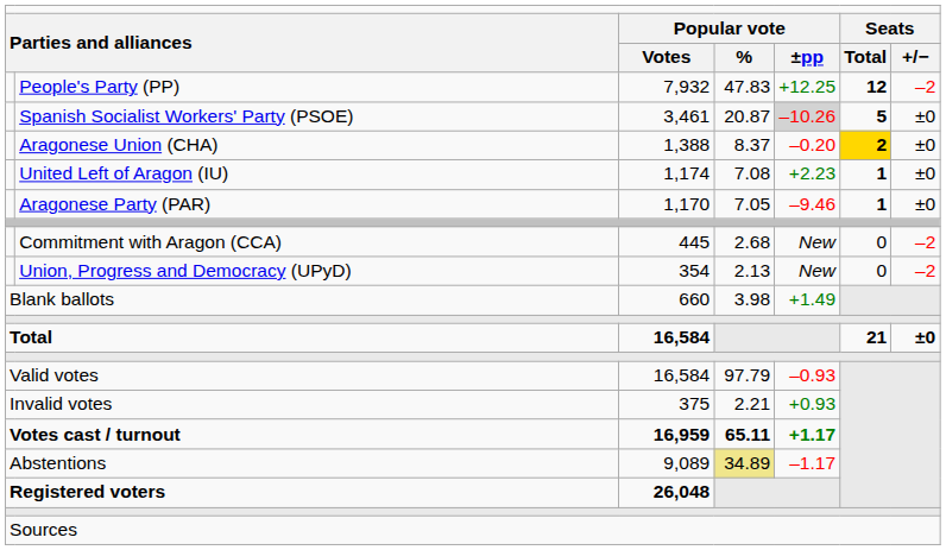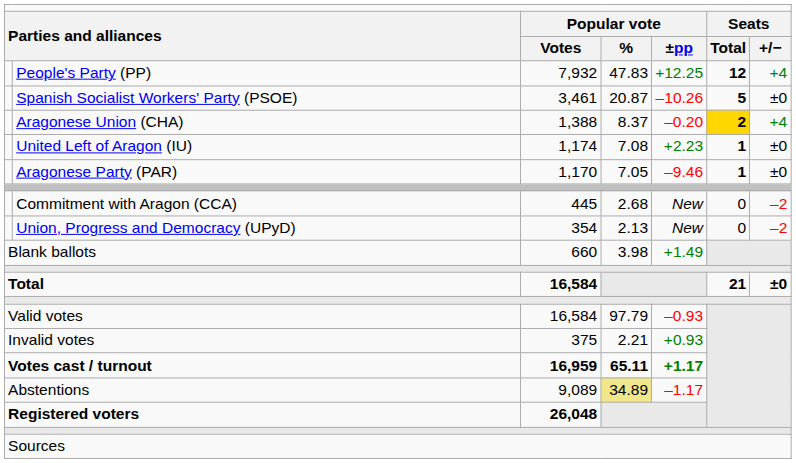 <table class="wikitable" style="text-align:right;">
 <tr>
 <td colspan="7"></td>
 </tr>
 <tr>
 <th style="text-align:left;" rowspan="2" colspan="2" width="525">Parties and alliances</th>
 <th colspan="3">Popular vote</th>
 <th colspan="2">Seats</th>
 </tr>
 <tr>
 <th width="75">Votes</th>
 <th width="45">%</th>
 <th width="45">±<a href='#'>pp</a></th>
 <th width="35">Total</th>
 <th width="35">+/−</th>
 </tr>
 <tr>
 <td width="1" style="color:inherit;background:"></td>
 <td align="left"><a href='#'>People's Party</a> (PP)</td>
 <td>7,932</td>
 <td>47.83</td>
 <td style="color:green;">+12.25</td>
 <td><strong>12</strong></td>
-<td style="color:red;">–2</td>
+<td style="color:green;">+4</td>
 </tr>
 <tr>
 <td style="color:inherit;background:"></td>
 <td align="left"><a href='#'>Spanish Socialist Workers' Party</a> (PSOE)</td>
 <td>3,461</td>
 <td>20.87</td>
-<td style="background: lightgrey; color:red;">–10.26</td>
+<td style="color:red;">–10.26</td>
 <td><strong>5</strong></td>
 <td>±0</td>
 </tr>
 <tr>
 <td style="color:inherit;background:"></td>
 <td align="left"><a href='#'>Aragonese Union</a> (CHA)</td>
 <td>1,388</td>
 <td>8.37</td>
 <td style="color:red;">–0.20</td>
 <td style="background: gold;"><strong>2</strong></td>
-<td>±0</td>
+<td style="color:green;">+4</td>
 </tr>
 <tr>
 <td style="color:inherit;background:"></td>
 <td align="left"><a href='#'>United Left of Aragon</a> (IU)</td>
 <td>1,174</td>
 <td>7.08</td>
 <td style="color:green;">+2.23</td>
 <td><strong>1</strong></td>
 <td>±0</td>
 </tr>
 <tr>
 <td style="color:inherit;background:"></td>
 <td align="left"><a href='#'>Aragonese Party</a> (PAR)</td>
 <td>1,170</td>
 <td>7.05</td>
 <td style="color:red;">–9.46</td>
 <td><strong>1</strong></td>
 <td>±0</td>
 </tr>
 <tr>
 <td colspan="7" bgcolor="#C0C0C0"></td>
 </tr>
 <tr>
 <td style="color:inherit;background:"></td>
 <td align="left">Commitment with Aragon (CCA)</td>
 <td>445</td>
 <td>2.68</td>
 <td><em>New</em></td>
 <td>0</td>
 <td style="color:red;">–2</td>
 </tr>
 <tr>
 <td style="color:inherit;background:"></td>
 <td align="left"><a href='#'>Union, Progress and Democracy</a> (UPyD)</td>
 <td>354</td>
 <td>2.13</td>
 <td><em>New</em></td>
 <td>0</td>
 <td style="color:red;">–2</td>
 </tr>
 <tr>
 <td align="left" colspan="2">Blank ballots</td>
 <td>660</td>
 <td>3.98</td>
 <td style="color:green;">+1.49</td>
 <td bgcolor="#E9E9E9" colspan="2"></td>
 </tr>
 <tr>
 <td colspan="7" bgcolor="#E9E9E9"></td>
 </tr>
 <tr style="font-weight:bold;">
 <td align="left" colspan="2">Total</td>
 <td>16,584</td>
 <td bgcolor="#E9E9E9" colspan="2"></td>
 <td>21</td>
 <td>±0</td>
 </tr>
 <tr>
 <td colspan="7" bgcolor="#E9E9E9"></td>
 </tr>
 <tr>
 <td align="left" colspan="2">Valid votes</td>
 <td>16,584</td>
 <td>97.79</td>
 <td style="color:red;">–0.93</td>
 <td bgcolor="#E9E9E9" colspan="2" rowspan="5"></td>
 </tr>
 <tr>
 <td align="left" colspan="2">Invalid votes</td>
 <td>375</td>
 <td>2.21</td>
 <td style="color:green;">+0.93</td>
 </tr>
 <tr style="font-weight:bold;">
 <td align="left" colspan="2">Votes cast / turnout</td>
 <td>16,959</td>
 <td>65.11</td>
 <td style="color:green;">+1.17</td>
 </tr>
 <tr>
 <td align="left" colspan="2">Abstentions</td>
 <td>9,089</td>
 <td style="background: khaki;">34.89</td>
 <td style="color:red;">–1.17</td>
 </tr>
 <tr style="font-weight:bold;">
 <td align="left" colspan="2">Registered voters</td>
 <td>26,048</td>
 <td bgcolor="#E9E9E9" colspan="2"></td>
 </tr>
 <tr>
 <td colspan="7" bgcolor="#E9E9E9"></td>
 </tr>
 <tr>
 <td align="left" colspan="7">Sources</td>
 </tr>
 </table>
